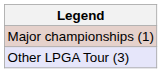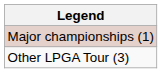 <table class="wikitable" style="font-size:95%;">
 <tr>
 <th>Legend</th>
 </tr>
 <tr style="background:#e5d1cb;">
 <td>Major championships (1)</td>
 </tr>
 <tr>
-<td style="background: lavender;">Other LPGA Tour (3)</td>
+<td>Other LPGA Tour (3)</td>
 </tr>
 </table>
